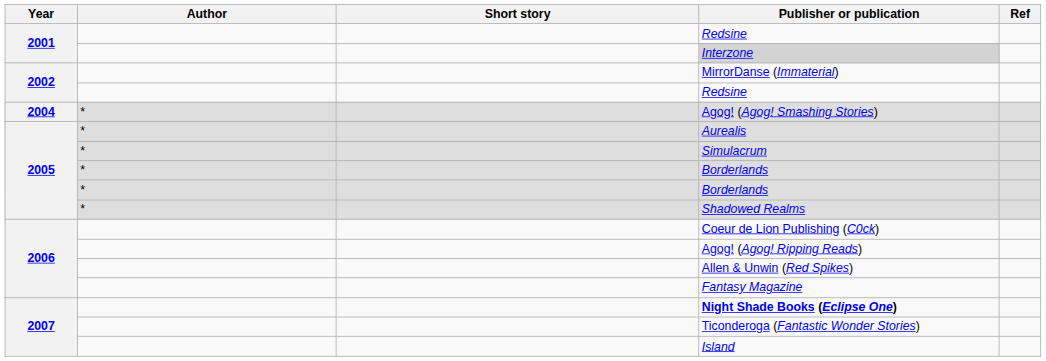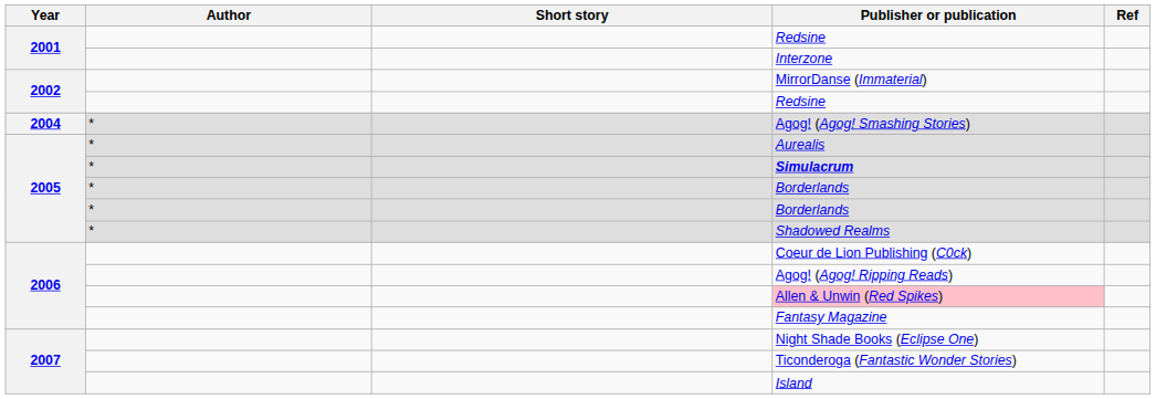 <table class="sortable wikitable" width="85%" cellpadding="5" style="margin: 1em auto 1em auto">
 <tr>
 <th width="7%">Year</th>
 <th width="25%">Author</th>
 <th width="35%">Short story</th>
 <th width="29%">Publisher or publication</th>
 <th width="4%" class="unsortable">Ref</th>
 </tr>
 <tr>
 <th rowspan="2" align="center"><a href='#'>2001</a></th>
 <td></td>
 <td></td>
 <td><em><a href='#'>Redsine</a></em></td>
 <td></td>
 </tr>
 <tr>
 <td></td>
 <td></td>
-<td style="background: lightgrey;"><em><a href='#'>Interzone</a></em></td>
+<td><em><a href='#'>Interzone</a></em></td>
 <td></td>
 </tr>
 <tr>
 <th rowspan="2" align="center"><a href='#'>2002</a></th>
 <td></td>
 <td></td>
 <td><a href='#'>MirrorDanse</a> (<em><a href='#'>Immaterial</a></em>)</td>
 <td></td>
 </tr>
 <tr>
 <td></td>
 <td></td>
 <td><em><a href='#'>Redsine</a></em></td>
 <td></td>
 </tr>
 <tr style="background:#dfdede;">
 <th align="center"><a href='#'>2004</a></th>
 <td>*</td>
 <td></td>
 <td><a href='#'>Agog!</a> (<em><a href='#'>Agog! Smashing Stories</a></em>)</td>
 <td></td>
 </tr>
 <tr style="background:#dfdede;">
 <th rowspan="5" align="center"><a href='#'>2005</a></th>
 <td>*</td>
 <td></td>
 <td><em><a href='#'>Aurealis</a></em></td>
 <td></td>
 </tr>
 <tr style="background:#dfdede;">
 <td>*</td>
 <td></td>
-<td><em><a href='#'>Simulacrum</a></em></td>
+<td><strong><em><a href='#'>Simulacrum</a></em></strong></td>
 <td></td>
 </tr>
 <tr style="background:#dfdede;">
 <td>*</td>
 <td></td>
 <td><em><a href='#'>Borderlands</a></em></td>
 <td></td>
 </tr>
 <tr style="background:#dfdede;">
 <td>*</td>
 <td></td>
 <td><em><a href='#'>Borderlands</a></em></td>
 <td></td>
 </tr>
 <tr style="background:#dfdede;">
 <td>*</td>
 <td></td>
 <td><em><a href='#'>Shadowed Realms</a></em></td>
 <td></td>
 </tr>
 <tr>
 <th rowspan="4" align="center"><a href='#'>2006</a></th>
 <td></td>
 <td></td>
 <td><a href='#'>Coeur de Lion Publishing</a> (<em><a href='#'>C0ck</a></em>)</td>
 <td></td>
 </tr>
 <tr>
 <td></td>
 <td></td>
 <td><a href='#'>Agog!</a> (<em><a href='#'>Agog! Ripping Reads</a></em>)</td>
 <td></td>
 </tr>
 <tr>
 <td></td>
 <td></td>
-<td><a href='#'>Allen & Unwin</a> (<em><a href='#'>Red Spikes</a></em>)</td>
+<td style="background: pink;"><a href='#'>Allen & Unwin</a> (<em><a href='#'>Red Spikes</a></em>)</td>
 <td></td>
 </tr>
 <tr>
 <td></td>
 <td></td>
 <td><em><a href='#'>Fantasy Magazine</a></em></td>
 <td></td>
 </tr>
 <tr>
 <th rowspan="3" align="center"><a href='#'>2007</a></th>
 <td></td>
 <td></td>
-<td><strong><a href='#'>Night Shade Books</a> (<em><a href='#'>Eclipse One</a></em>)</strong></td>
+<td><a href='#'>Night Shade Books</a> (<em><a href='#'>Eclipse One</a></em>)</td>
 <td></td>
 </tr>
 <tr>
 <td></td>
 <td></td>
 <td><a href='#'>Ticonderoga</a> (<em><a href='#'>Fantastic Wonder Stories</a></em>)</td>
 <td></td>
 </tr>
 <tr>
 <td></td>
 <td></td>
 <td><em><a href='#'>Island</a></em></td>
 <td></td>
 </tr>
 </table>
